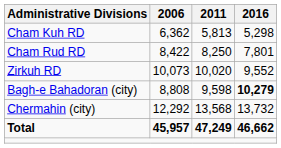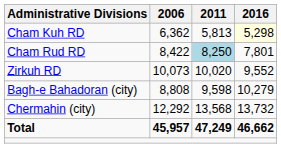 <table class="wikitable">
 <tr>
 <th>Administrative Divisions</th>
 <th>2006</th>
 <th>2011</th>
 <th>2016</th>
 </tr>
 <tr>
 <td><a href='#'>Cham Kuh RD</a></td>
 <td style="text-align: right;">6,362</td>
 <td style="text-align: right;">5,813</td>
-<td style="text-align: right;">5,298</td>
+<td style="background: lightyellow; text-align: right;">5,298</td>
 </tr>
 <tr>
 <td><a href='#'>Cham Rud RD</a></td>
 <td style="text-align: right;">8,422</td>
-<td style="text-align: right;">8,250</td>
+<td style="background: lightblue; text-align: right;">8,250</td>
 <td style="text-align: right;">7,801</td>
 </tr>
 <tr>
 <td><a href='#'>Zirkuh RD</a></td>
 <td style="text-align: right;">10,073</td>
 <td style="text-align: right;">10,020</td>
 <td style="text-align: right;">9,552</td>
 </tr>
 <tr>
 <td><a href='#'>Bagh-e Bahadoran</a> (city)</td>
 <td style="text-align: right;">8,808</td>
 <td style="text-align: right;">9,598</td>
-<td style="text-align: right;"><strong>10,279</strong></td>
+<td style="text-align: right;">10,279</td>
 </tr>
 <tr>
 <td><a href='#'>Chermahin</a> (city)</td>
 <td style="text-align: right;">12,292</td>
 <td style="text-align: right;">13,568</td>
 <td style="text-align: right;">13,732</td>
 </tr>
 <tr>
 <td><strong>Total</strong></td>
 <td style="text-align: right;"><strong>45,957</strong></td>
 <td style="text-align: right;"><strong>47,249</strong></td>
 <td style="text-align: right;"><strong>46,662</strong></td>
 </tr>
 <tr>
 <td colspan=4></td>
 </tr>
 </table>
